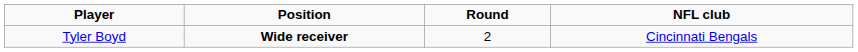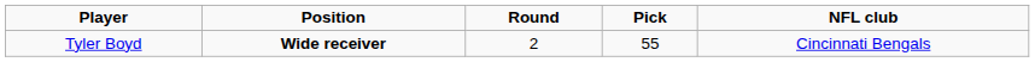 <table class="wikitable" style="width:80%;">
 <tr style="text-align:center; ">
 <td><strong>Player</strong></td>
 <td><strong>Position</strong></td>
 <td><strong>Round</strong></td>
+<td><strong>Pick</strong></td>
 <td><strong>NFL club</strong></td>
 </tr>
 <tr align="center" bgcolor="">
 <td><a href='#'>Tyler Boyd</a></td>
 <td><strong>Wide receiver</strong></td>
 <td>2</td>
+<td>55</td>
 <td><a href='#'>Cincinnati Bengals</a></td>
 </tr>
 </table>
